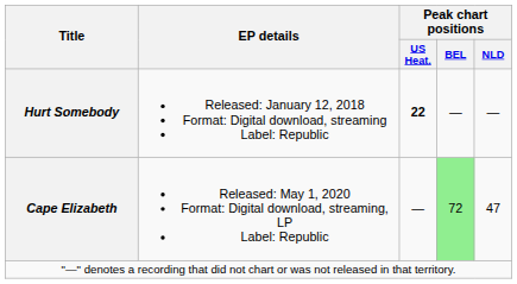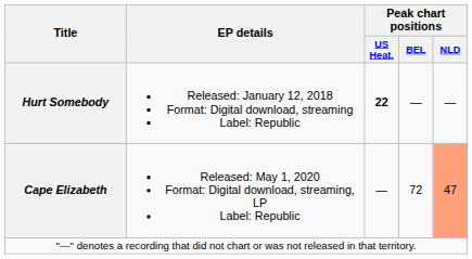 <table class="wikitable plainrowheaders" style="text-align:center;">
 <tr>
 <th scope="col" rowspan="2" style="width:10em;">Title</th>
 <th scope="col" rowspan="2" style="width:20em;">EP details</th>
 <th scope="col" colspan="3">Peak chart positions</th>
 </tr>
 <tr>
 <th scope="col" style="width:3em;font-size:85%;"><a href='#'>US<br>Heat.</a><br></th>
 <th scope="col" style="width:3em;font-size:85%;"><a href='#'>BEL</a><br></th>
 <th scope="col" style="width:3em;font-size:85%;"><a href='#'>NLD</a><br></th>
 </tr>
 <tr>
 <th scope="row"><em>Hurt Somebody</em></th>
 <td><br><ul><li>Released: January 12, 2018</li><li>Format: Digital download, streaming</li><li>Label: Republic</li></ul></td>
 <td><strong>22</strong></td>
 <td>—</td>
 <td>—</td>
 </tr>
 <tr>
 <th scope="row"><em>Cape Elizabeth</em></th>
 <td><br><ul><li>Released: May 1, 2020</li><li>Format: Digital download, streaming, LP</li><li>Label: Republic</li></ul></td>
 <td>—</td>
-<td style="background: lightgreen;">72</td>
-<td>47</td>
+<td>72</td>
+<td style="background: lightsalmon;">47</td>
 </tr>
 <tr>
 <td colspan="13" style="font-size:90%">"—" denotes a recording that did not chart or was not released in that territory.</td>
 </tr>
 </table>
